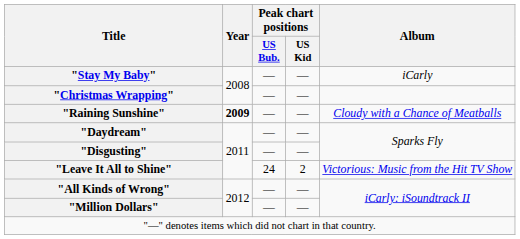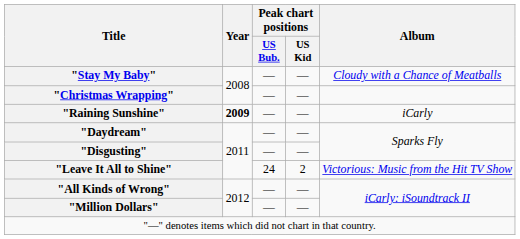 <table class="wikitable plainrowheaders" style="text-align:center;">
 <tr>
 <th rowspan="2" scope="col" style="width:18em;">Title</th>
 <th rowspan="2" scope="col">Year</th>
 <th colspan="2" scope="col">Peak chart positions</th>
 <th rowspan="2" scope="col">Album</th>
 </tr>
 <tr>
 <th scope="col" style="width:2.7em;font-size:90%;"><a href='#'>US<br>Bub.</a><br></th>
 <th scope="col" style="width:2.7em;font-size:90%;">US<br>Kid<br></th>
 </tr>
 <tr>
 <th scope="row">"<a href='#'>Stay My Baby</a>"</th>
 <td rowspan="2">2008</td>
 <td>—</td>
 <td>—</td>
-<td><em>iCarly</em></td>
+<td><em><a href='#'>Cloudy with a Chance of Meatballs</a></em></td>
 </tr>
 <tr>
 <th scope="row">"<a href='#'>Christmas Wrapping</a>"</th>
 <td>—</td>
 <td>—</td>
 <td></td>
 </tr>
 <tr>
 <th scope="row">"Raining Sunshine"</th>
 <td><strong>2009</strong></td>
 <td>—</td>
 <td>—</td>
-<td><em><a href='#'>Cloudy with a Chance of Meatballs</a></em></td>
+<td><em>iCarly</em></td>
 </tr>
 <tr>
 <th scope="row">"Daydream"</th>
 <td rowspan="3">2011</td>
 <td>—</td>
 <td>—</td>
 <td rowspan="2"><em>Sparks Fly</em></td>
 </tr>
 <tr>
 <th scope="row">"Disgusting"</th>
 <td>—</td>
 <td>—</td>
 </tr>
 <tr>
 <th scope="row">"Leave It All to Shine"<br></th>
 <td>24</td>
 <td>2</td>
 <td><em><a href='#'>Victorious: Music from the Hit TV Show</a></em></td>
 </tr>
 <tr>
 <th scope="row">"All Kinds of Wrong"</th>
 <td rowspan="2">2012</td>
 <td>—</td>
 <td>—</td>
 <td rowspan="2"><em><a href='#'>iCarly: iSoundtrack II</a></em></td>
 </tr>
 <tr>
 <th scope="row">"Million Dollars"</th>
 <td>—</td>
 <td>—</td>
 </tr>
 <tr>
 <td colspan="5" style="font-size:90%;">"—" denotes items which did not chart in that country.</td>
 </tr>
 </table>
